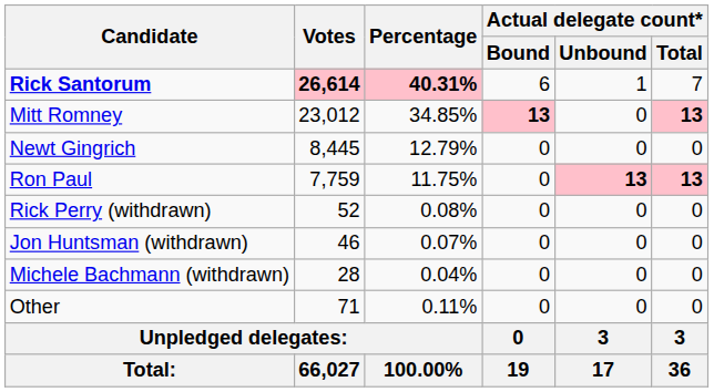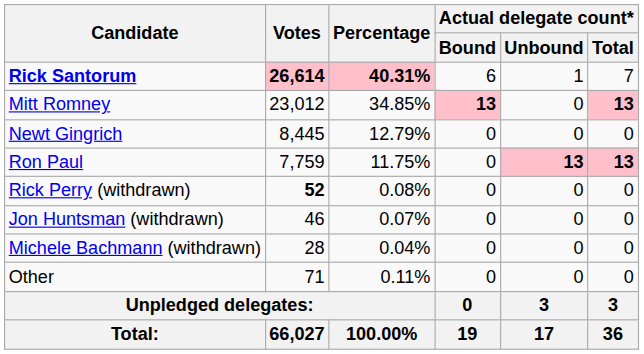 <table class="wikitable" style="text-align:right;">
 <tr>
 <th rowspan="2">Candidate</th>
 <th rowspan="2">Votes</th>
 <th rowspan="2">Percentage</th>
 <th colspan="3" style="vertical-align:middle;">Actual delegate count*</th>
 </tr>
 <tr>
 <th>Bound</th>
 <th>Unbound</th>
 <th>Total</th>
 </tr>
 <tr>
 <td style="text-align:left;"> <strong><a href='#'>Rick Santorum</a></strong></td>
 <td style="background:pink;"><strong>26,614</strong></td>
 <td style="background:pink;"><strong>40.31%</strong></td>
 <td>6</td>
 <td>1</td>
 <td>7</td>
 </tr>
 <tr>
 <td style="text-align:left;"><a href='#'>Mitt Romney</a></td>
 <td>23,012</td>
 <td>34.85%</td>
 <td style="background:pink;"><strong>13</strong></td>
 <td>0</td>
 <td style="background:pink;"><strong>13</strong></td>
 </tr>
 <tr>
 <td style="text-align:left;"><a href='#'>Newt Gingrich</a></td>
 <td>8,445</td>
 <td>12.79%</td>
 <td>0</td>
 <td>0</td>
 <td>0</td>
 </tr>
 <tr>
 <td style="text-align:left;"><a href='#'>Ron Paul</a></td>
 <td>7,759</td>
 <td>11.75%</td>
 <td>0</td>
 <td style="background:pink;"><strong>13</strong></td>
 <td style="background:pink;"><strong>13</strong></td>
 </tr>
 <tr>
 <td style="text-align:left;"><a href='#'>Rick Perry</a> (withdrawn)</td>
-<td>52</td>
+<td><strong>52</strong></td>
 <td>0.08%</td>
 <td>0</td>
 <td>0</td>
 <td>0</td>
 </tr>
 <tr>
 <td style="text-align:left;"><a href='#'>Jon Huntsman</a> (withdrawn)</td>
 <td>46</td>
 <td>0.07%</td>
 <td>0</td>
 <td>0</td>
 <td>0</td>
 </tr>
 <tr>
 <td style="text-align:left;"><a href='#'>Michele Bachmann</a> (withdrawn)</td>
 <td>28</td>
 <td>0.04%</td>
 <td>0</td>
 <td>0</td>
 <td>0</td>
 </tr>
 <tr>
 <td style="text-align:left;">Other</td>
 <td>71</td>
 <td>0.11%</td>
 <td>0</td>
 <td>0</td>
 <td>0</td>
 </tr>
 <tr style="background:#eee;">
 <th colspan="3">Unpledged delegates:</th>
 <th>0</th>
 <th>3</th>
 <th>3</th>
 </tr>
 <tr style="background:#eee;">
 <th>Total:</th>
 <th>66,027</th>
 <th>100.00%</th>
 <th>19</th>
 <th>17</th>
 <th>36</th>
 </tr>
 </table>
